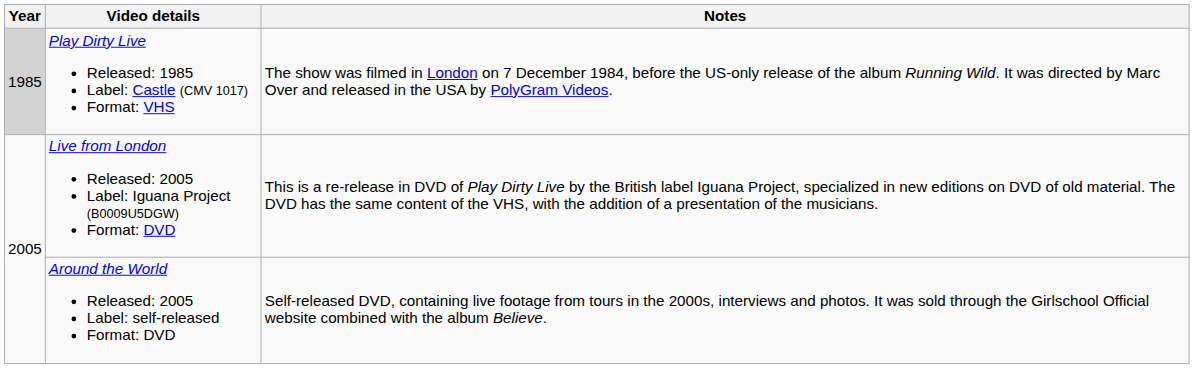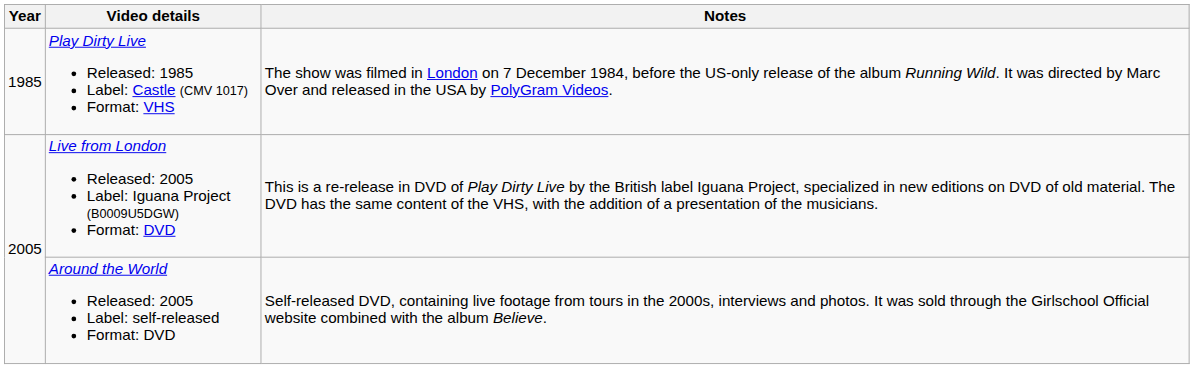 <table class="wikitable" border="1">
 <tr>
 <th width="35">Year</th>
 <th width="220">Video details</th>
 <th>Notes</th>
 </tr>
 <tr>
-<td style="background: lightgrey;">1985</td>
+<td>1985</td>
 <td><em><a href='#'>Play Dirty Live</a></em><br><ul><li>Released: 1985</li><li>Label: <a href='#'>Castle</a> <small>(CMV 1017)</small></li><li>Format: <a href='#'>VHS</a></li></ul></td>
 <td>The show was filmed in <a href='#'>London</a> on 7 December 1984, before the US-only release of the album <em>Running Wild</em>. It was directed by Marc Over and released in the USA by <a href='#'>PolyGram Videos</a>.</td>
 </tr>
 <tr>
 <td rowspan="2">2005</td>
 <td><em><a href='#'>Live from London</a></em><br><ul><li>Released: 2005</li><li>Label: Iguana Project <small>(B0009U5DGW)</small></li><li>Format: <a href='#'>DVD</a></li></ul></td>
 <td>This is a re-release in DVD of <em>Play Dirty Live</em> by the British label Iguana Project, specialized in new editions on DVD of old material. The DVD has the same content of the VHS, with the addition of a presentation of the musicians.</td>
 </tr>
 <tr>
 <td><em><a href='#'>Around the World</a></em><br><ul><li>Released: 2005</li><li>Label: self-released</li><li>Format: DVD</li></ul></td>
 <td>Self-released DVD, containing live footage from tours in the 2000s, interviews and photos. It was sold through the Girlschool Official website combined with the album <em>Believe</em>.</td>
 </tr>
 </table>
